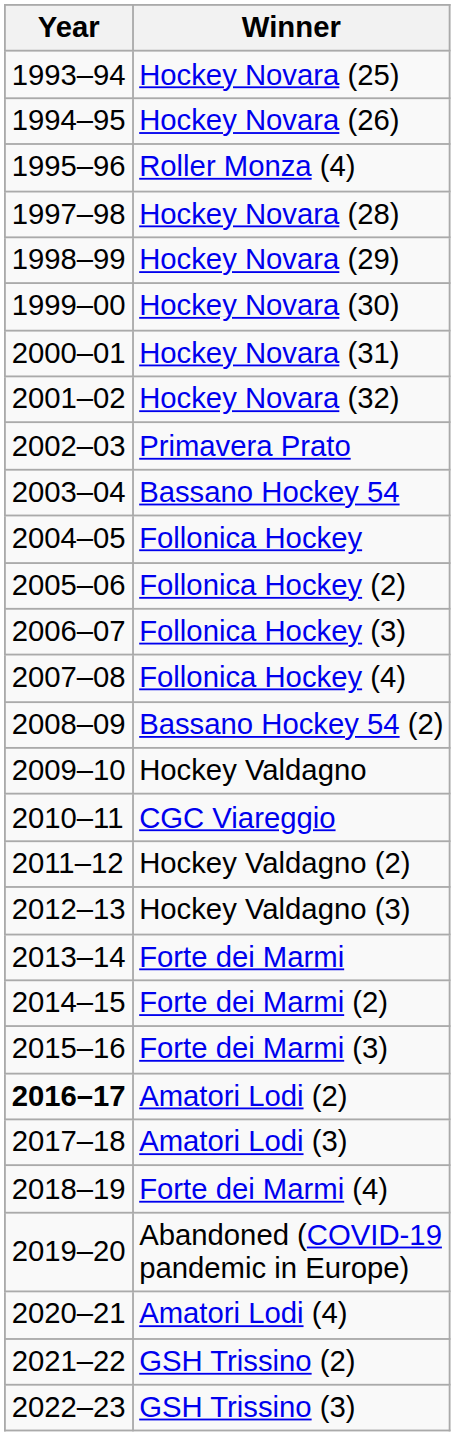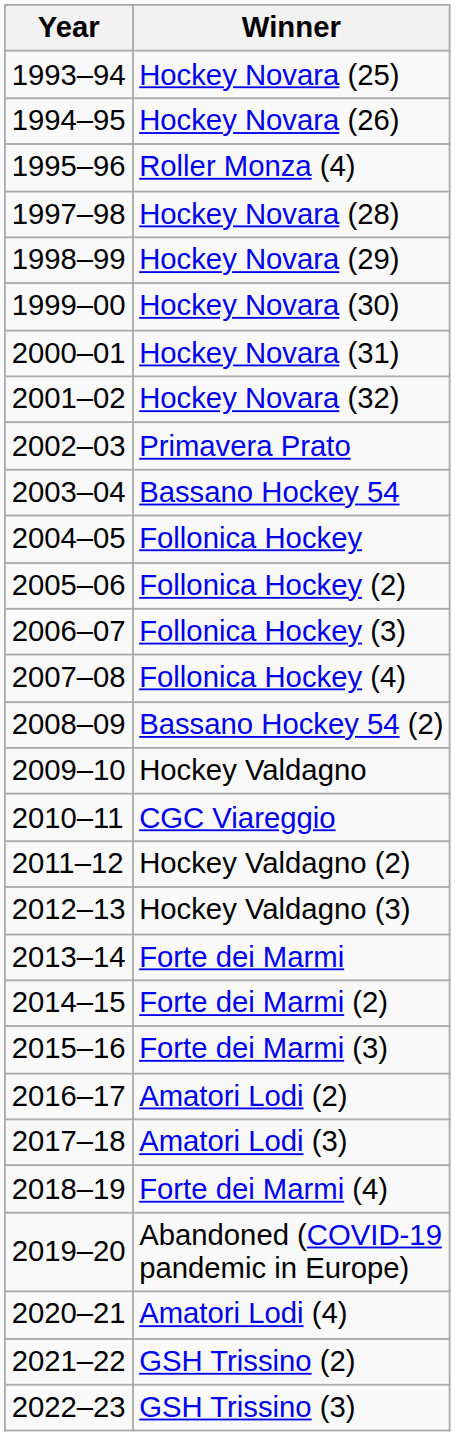 <table class="wikitable sortable">
 <tr>
 <th>Year</th>
 <th>Winner</th>
 </tr>
 <tr>
 <td>1993–94</td>
 <td><a href='#'>Hockey Novara</a> (25)</td>
 </tr>
 <tr>
 <td>1994–95</td>
 <td><a href='#'>Hockey Novara</a> (26)</td>
 </tr>
 <tr>
 <td>1995–96</td>
 <td><a href='#'>Roller Monza</a> (4)</td>
 </tr>
 <tr>
 <td>1997–98</td>
 <td><a href='#'>Hockey Novara</a> (28)</td>
 </tr>
 <tr>
 <td>1998–99</td>
 <td><a href='#'>Hockey Novara</a> (29)</td>
 </tr>
 <tr>
 <td>1999–00</td>
 <td><a href='#'>Hockey Novara</a> (30)</td>
 </tr>
 <tr>
 <td>2000–01</td>
 <td><a href='#'>Hockey Novara</a> (31)</td>
 </tr>
 <tr>
 <td>2001–02</td>
 <td><a href='#'>Hockey Novara</a> (32)</td>
 </tr>
 <tr>
 <td>2002–03</td>
 <td><a href='#'>Primavera Prato</a></td>
 </tr>
 <tr>
 <td>2003–04</td>
 <td><a href='#'>Bassano Hockey 54</a></td>
 </tr>
 <tr>
 <td>2004–05</td>
 <td><a href='#'>Follonica Hockey</a></td>
 </tr>
 <tr>
 <td>2005–06</td>
 <td><a href='#'>Follonica Hockey</a> (2)</td>
 </tr>
 <tr>
 <td>2006–07</td>
 <td><a href='#'>Follonica Hockey</a> (3)</td>
 </tr>
 <tr>
 <td>2007–08</td>
 <td><a href='#'>Follonica Hockey</a> (4)</td>
 </tr>
 <tr>
 <td>2008–09</td>
 <td><a href='#'>Bassano Hockey 54</a> (2)</td>
 </tr>
 <tr>
 <td>2009–10</td>
 <td>Hockey Valdagno</td>
 </tr>
 <tr>
 <td>2010–11</td>
 <td><a href='#'>CGC Viareggio</a></td>
 </tr>
 <tr>
 <td>2011–12</td>
 <td>Hockey Valdagno (2)</td>
 </tr>
 <tr>
 <td>2012–13</td>
 <td>Hockey Valdagno (3)</td>
 </tr>
 <tr>
 <td>2013–14</td>
 <td><a href='#'>Forte dei Marmi</a></td>
 </tr>
 <tr>
 <td>2014–15</td>
 <td><a href='#'>Forte dei Marmi</a> (2)</td>
 </tr>
 <tr>
 <td>2015–16</td>
 <td><a href='#'>Forte dei Marmi</a> (3)</td>
 </tr>
 <tr>
-<td><strong>2016–17</strong></td>
+<td>2016–17</td>
 <td><a href='#'>Amatori Lodi</a> (2)</td>
 </tr>
 <tr>
 <td>2017–18</td>
 <td><a href='#'>Amatori Lodi</a> (3)</td>
 </tr>
 <tr>
 <td>2018–19</td>
 <td><a href='#'>Forte dei Marmi</a> (4)</td>
 </tr>
 <tr>
 <td>2019–20</td>
 <td>Abandoned (<a href='#'>COVID-19</a><br>pandemic in Europe)</td>
 </tr>
 <tr>
 <td>2020–21</td>
 <td><a href='#'>Amatori Lodi</a> (4)</td>
 </tr>
 <tr>
 <td>2021–22</td>
 <td><a href='#'>GSH Trissino</a> (2)</td>
 </tr>
 <tr>
 <td>2022–23</td>
 <td><a href='#'>GSH Trissino</a> (3)</td>
 </tr>
 </table>
